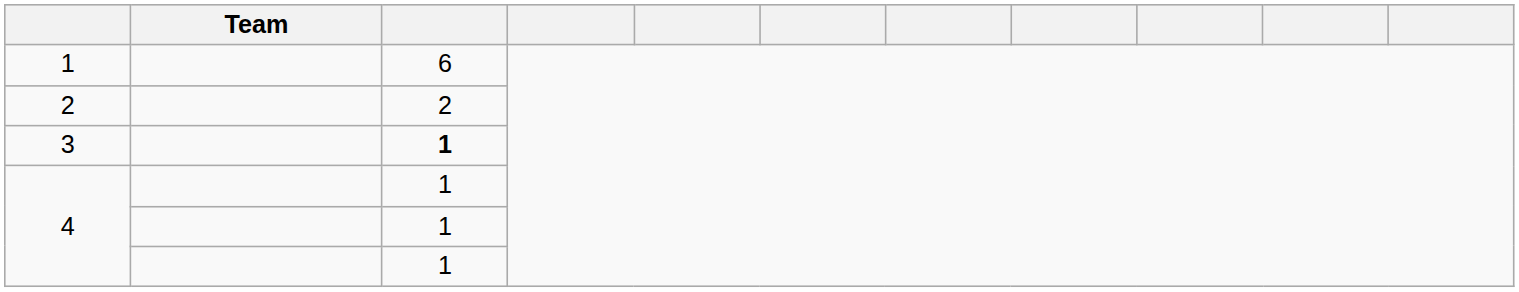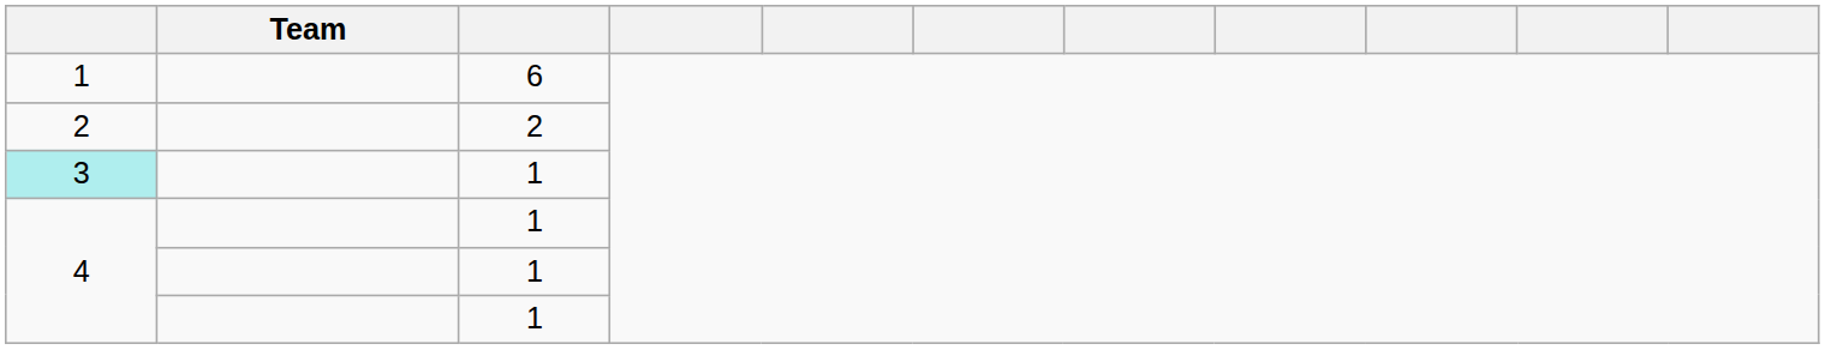 <table class="wikitable" style="font-size:99%; text-align:center;" width="60%">
 <tr>
 <th width="5%"></th>
 <th width="10%">Team</th>
 <th width="5%"></th>
 <th width="5%"></th>
 <th width="5%"></th>
 <th width="5%"></th>
 <th width="5%"></th>
 <th width="5%"></th>
 <th width="5%"></th>
 <th width="5%"></th>
 <th width="5%"></th>
 </tr>
 <tr>
 <td>1</td>
 <td align="left"></td>
 <td>6<br></td>
 </tr>
 <tr>
 <td>2</td>
 <td align="left"></td>
 <td>2<br></td>
 </tr>
 <tr>
-<td>3</td>
+<td style="background: paleturquoise;">3</td>
 <td align="left"></td>
-<td><strong>1<br></strong></td>
+<td>1<br></td>
 </tr>
 <tr>
 <td rowspan=3>4</td>
 <td align="left"></td>
 <td>1<br></td>
 </tr>
 <tr>
 <td align="left"></td>
 <td>1<br></td>
 </tr>
 <tr>
 <td align="left"></td>
 <td>1<br></td>
 </tr>
 </table>
